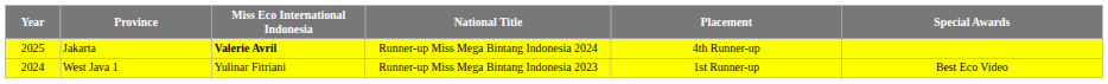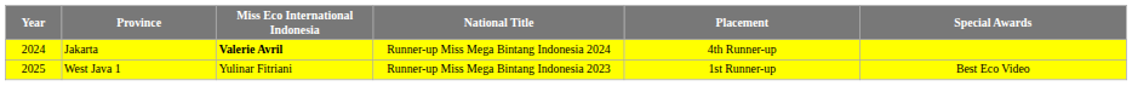 <table class="wikitable sortable" style="font-size: 83%; text-align:center">
 <tr>
 <th width="60" style="background-color:#787878;color:#FFFFFF;">Year</th>
 <th width="180" style="background-color:#787878;color:#FFFFFF;">Province</th>
 <th width="180" style="background-color:#787878;color:#FFFFFF;">Miss Eco International Indonesia</th>
 <th width="300" style="background-color:#787878;color:#FFFFFF;">National Title</th>
 <th width="280" style="background-color:#787878;color:#FFFFFF;">Placement</th>
 <th width="320" style="background-color:#787878;color:#FFFFFF;">Special Awards</th>
 </tr>
 <tr style="background:#FFFF00">
-<td>2025</td>
+<td>2024</td>
 <td align="left">Jakarta</td>
 <td align="left"><strong>Valerie Avril</strong></td>
 <td>Runner-up Miss Mega Bintang Indonesia 2024</td>
 <td>4th Runner-up</td>
 <td style="background:;"></td>
 </tr>
 <tr style="background:#FFFF00">
-<td>2024</td>
+<td>2025</td>
 <td align="left">West Java 1</td>
 <td align="left">Yulinar Fitriani</td>
 <td>Runner-up Miss Mega Bintang Indonesia 2023</td>
 <td>1st Runner-up</td>
 <td>Best Eco Video</td>
 </tr>
 </table>
